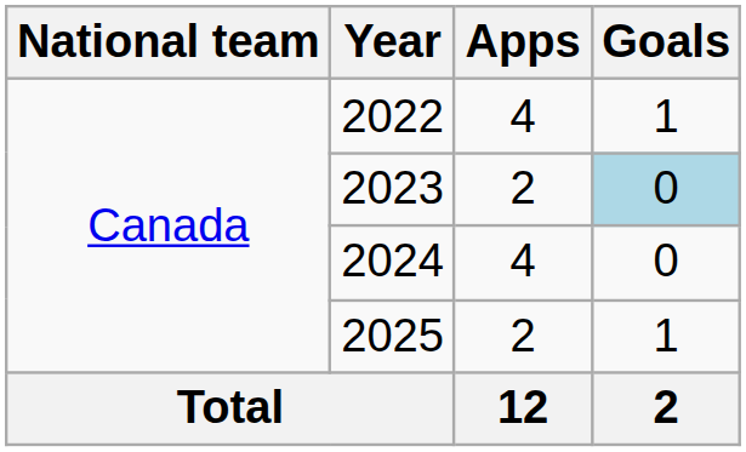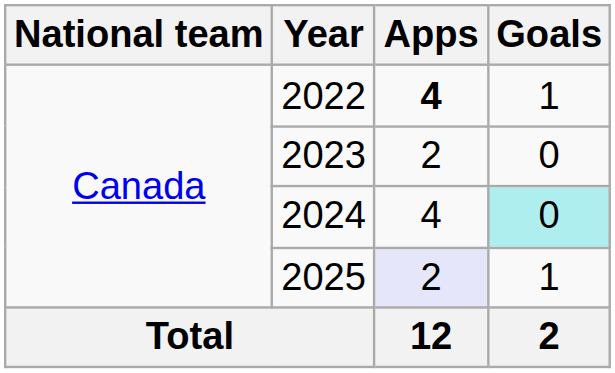 <table class="wikitable" style="text-align:center">
 <tr>
 <th>National team</th>
 <th>Year</th>
 <th>Apps</th>
 <th>Goals</th>
 </tr>
 <tr>
 <td rowspan="4"><a href='#'>Canada</a></td>
 <td>2022</td>
-<td>4</td>
+<td><strong>4</strong></td>
 <td>1</td>
 </tr>
 <tr>
 <td>2023</td>
 <td>2</td>
-<td style="background: lightblue;">0</td>
+<td>0</td>
 </tr>
 <tr>
 <td>2024</td>
 <td>4</td>
-<td>0</td>
+<td style="background: paleturquoise;">0</td>
 </tr>
 <tr>
 <td>2025</td>
-<td>2</td>
+<td style="background: lavender;">2</td>
 <td>1</td>
 </tr>
 <tr>
 <th colspan="2">Total</th>
 <th>12</th>
 <th>2</th>
 </tr>
 </table>
